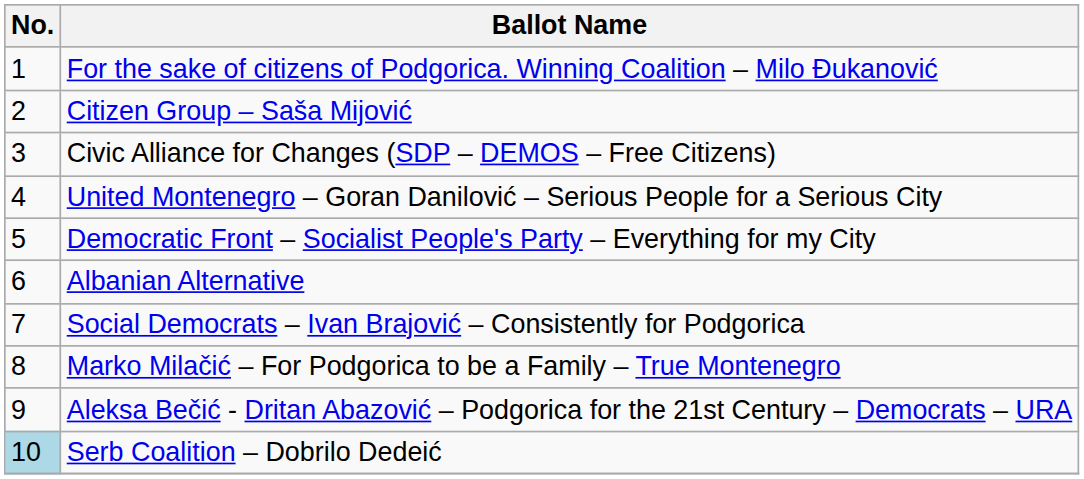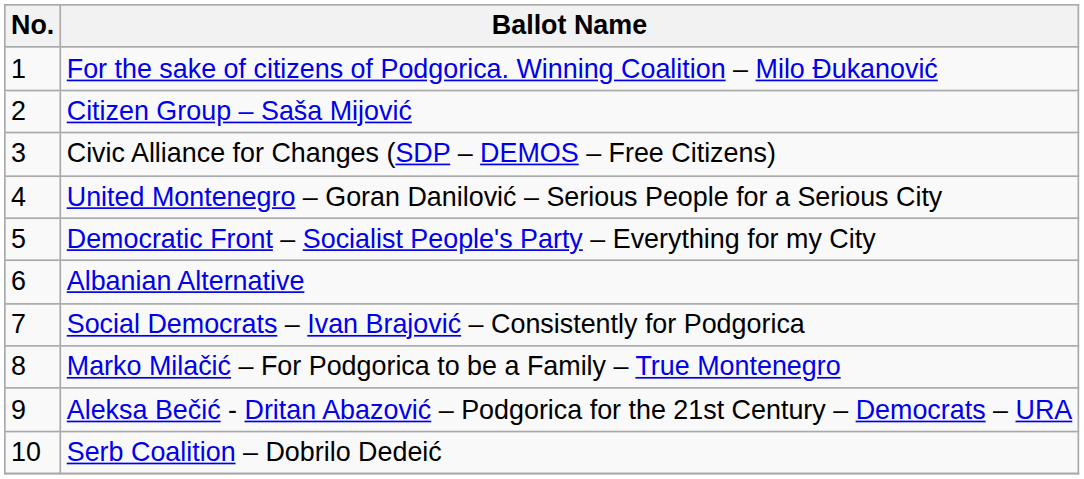 <table class="wikitable">
 <tr>
 <th>No.</th>
 <th>Ballot Name</th>
 </tr>
 <tr>
 <td>1</td>
 <td><a href='#'>For the sake of citizens of Podgorica. Winning Coalition</a> – <a href='#'>Milo Đukanović</a></td>
 </tr>
 <tr>
 <td>2</td>
 <td><a href='#'>Citizen Group – Saša Mijović</a></td>
 </tr>
 <tr>
 <td>3</td>
 <td>Civic Alliance for Changes (<a href='#'>SDP</a> – <a href='#'>DEMOS</a> – Free Citizens)</td>
 </tr>
 <tr>
 <td>4</td>
 <td><a href='#'>United Montenegro</a> – Goran Danilović – Serious People for a Serious City</td>
 </tr>
 <tr>
 <td>5</td>
 <td><a href='#'>Democratic Front</a> – <a href='#'>Socialist People's Party</a> – Everything for my City</td>
 </tr>
 <tr>
 <td>6</td>
 <td><a href='#'>Albanian Alternative</a></td>
 </tr>
 <tr>
 <td>7</td>
 <td><a href='#'>Social Democrats</a> – <a href='#'>Ivan Brajović</a> – Consistently for Podgorica</td>
 </tr>
 <tr>
 <td>8</td>
 <td><a href='#'>Marko Milačić</a> – For Podgorica to be a Family – <a href='#'>True Montenegro</a></td>
 </tr>
 <tr>
 <td>9</td>
 <td><a href='#'>Aleksa Bečić</a> - <a href='#'>Dritan Abazović</a> – Podgorica for the 21st Century – <a href='#'>Democrats</a> – <a href='#'>URA</a></td>
 </tr>
 <tr>
-<td style="background: lightblue;">10</td>
+<td>10</td>
 <td><a href='#'>Serb Coalition</a> – Dobrilo Dedeić</td>
 </tr>
 <tr>
 </tr>
 </table>
